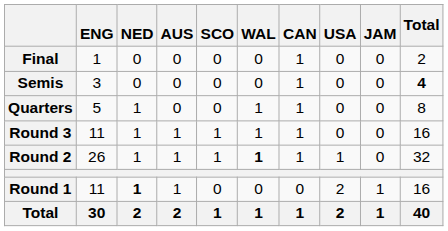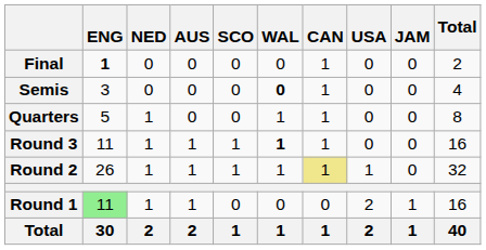 <table class="wikitable">
 <tr>
 <th></th>
 <th> <br>ENG</th>
 <th> <br>NED</th>
 <th> <br>AUS</th>
 <th> <br>SCO</th>
 <th> <br>WAL</th>
 <th> <br>CAN</th>
 <th> <br>USA</th>
 <th> <br>JAM</th>
 <th>Total</th>
 </tr>
 <tr align="center">
 <th>Final</th>
-<td>1</td>
+<td><strong>1</strong></td>
 <td>0</td>
 <td>0</td>
 <td>0</td>
 <td>0</td>
 <td>1</td>
 <td>0</td>
 <td>0</td>
 <td>2</td>
 </tr>
 <tr align="center">
 <th>Semis</th>
 <td>3</td>
 <td>0</td>
 <td>0</td>
 <td>0</td>
-<td>0</td>
+<td><strong>0</strong></td>
 <td>1</td>
 <td>0</td>
 <td>0</td>
-<td><strong>4</strong></td>
+<td>4</td>
 </tr>
 <tr align="center">
 <th>Quarters</th>
 <td>5</td>
 <td>1</td>
 <td>0</td>
 <td>0</td>
 <td>1</td>
 <td>1</td>
 <td>0</td>
 <td>0</td>
 <td>8</td>
 </tr>
 <tr align="center">
 <th>Round 3</th>
 <td>11</td>
 <td>1</td>
 <td>1</td>
 <td>1</td>
-<td>1</td>
+<td><strong>1</strong></td>
 <td>1</td>
 <td>0</td>
 <td>0</td>
 <td>16</td>
 </tr>
 <tr align="center">
 <th>Round 2</th>
 <td>26</td>
 <td>1</td>
 <td>1</td>
 <td>1</td>
-<td><strong>1</strong></td>
 <td>1</td>
+<td style="background: khaki;">1</td>
 <td>1</td>
 <td>0</td>
 <td>32</td>
 </tr>
 <tr align="center">
 <th colspan=23></th>
 </tr>
 <tr align="center">
 <th>Round 1</th>
-<td>11</td>
-<td><strong>1</strong></td>
+<td style="background: lightgreen;">11</td>
+<td>1</td>
 <td>1</td>
 <td>0</td>
 <td>0</td>
 <td>0</td>
 <td>2</td>
 <td>1</td>
 <td>16</td>
 </tr>
 <tr>
 <th>Total</th>
 <th>30</th>
 <th>2</th>
 <th>2</th>
 <th>1</th>
 <th>1</th>
 <th>1</th>
 <th>2</th>
 <th>1</th>
 <th>40</th>
 </tr>
 </table>
